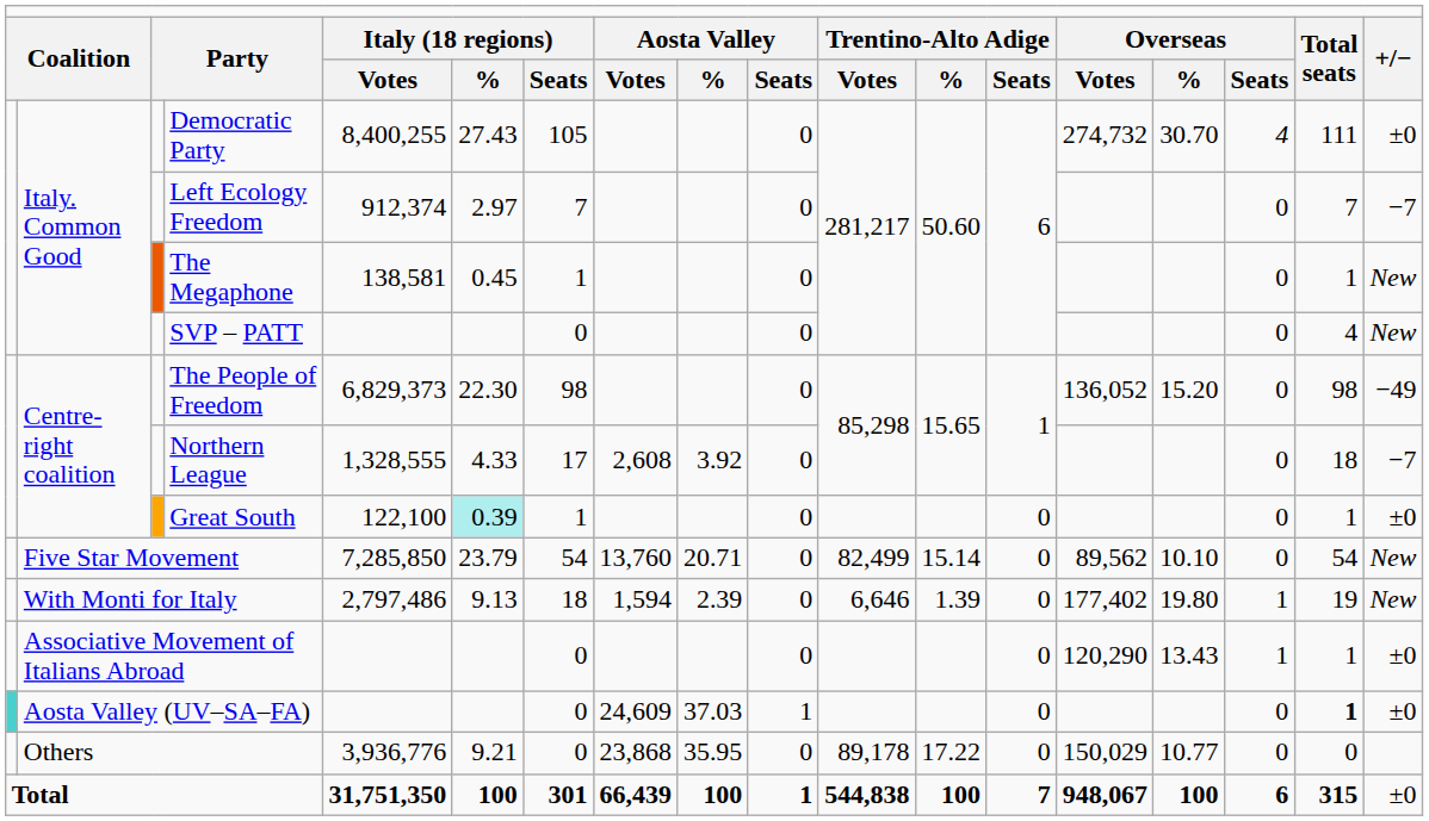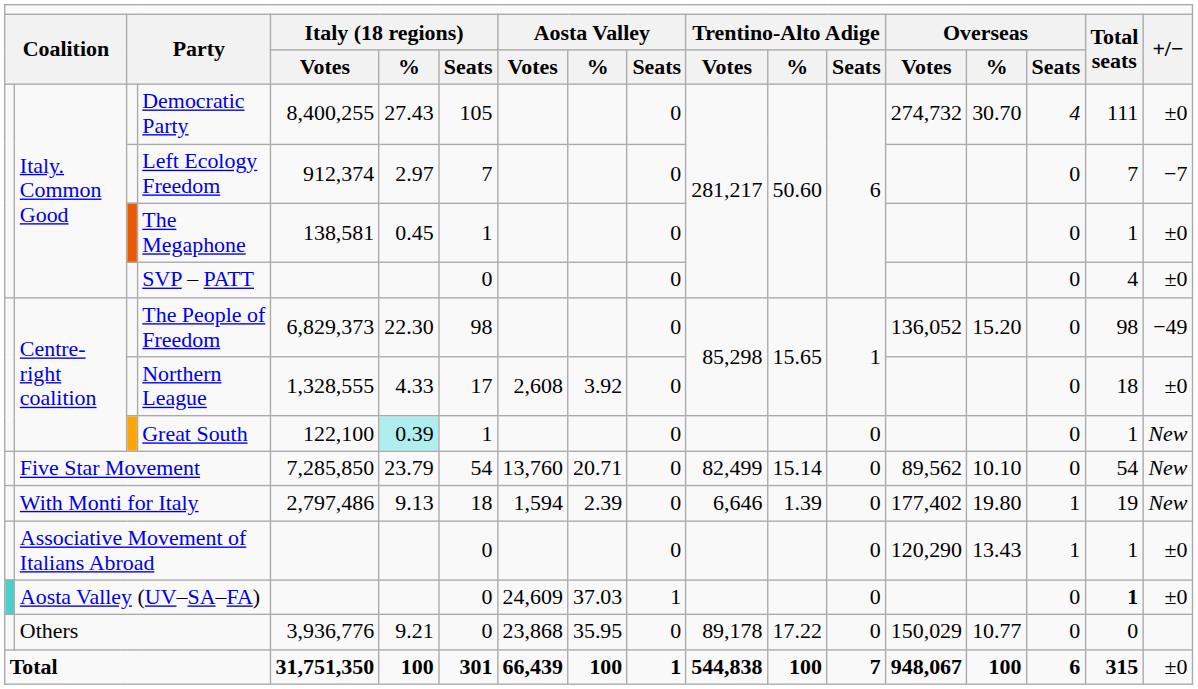 <table class="wikitable" style="text-align:right">
 <tr>
 <td colspan="18"></td>
 </tr>
 <tr>
 <th colspan="2" rowspan="2">Coalition</th>
 <th colspan=2 rowspan=2>Party</th>
 <th colspan="3"  style="text-align:center; vertical-align:top;">Italy (18 regions)</th>
 <th colspan="3"  style="text-align:center; vertical-align:top;">Aosta Valley</th>
 <th colspan="3"  style="text-align:center; vertical-align:top;">Trentino-Alto Adige</th>
 <th colspan="3"  style="text-align:center; vertical-align:top;">Overseas</th>
 <th style="text-align:center;" rowspan="2"><strong>Total<br> seats</strong></th>
 <th style="text-align:center;" rowspan="2">+/−</th>
 </tr>
 <tr>
 <th style="text-align:center; vertical-align:bottom;">Votes</th>
 <th style="text-align:center; vertical-align:bottom;">%</th>
 <th style="text-align:center; vertical-align:bottom;">Seats</th>
 <th style="text-align:center; vertical-align:bottom;">Votes</th>
 <th style="text-align:center; vertical-align:bottom;">%</th>
 <th style="text-align:center; vertical-align:bottom;">Seats</th>
 <th style="text-align:center; vertical-align:bottom;">Votes</th>
 <th style="text-align:center; vertical-align:bottom;">%</th>
 <th style="text-align:center; vertical-align:bottom;">Seats</th>
 <th style="text-align:center; vertical-align:bottom;">Votes</th>
 <th style="text-align:center; vertical-align:bottom;">%</th>
 <th style="text-align:center; vertical-align:bottom;">Seats</th>
 </tr>
 <tr>
 <td rowspan="4"></td>
 <td style="text-align:left;" rowspan="4"><a href='#'>Italy. Common Good</a></td>
 <td></td>
 <td align=left><a href='#'>Democratic Party</a></td>
 <td>8,400,255</td>
 <td>27.43</td>
 <td>105</td>
 <td></td>
 <td></td>
 <td>0</td>
 <td rowspan="4">281,217</td>
 <td rowspan="4">50.60</td>
 <td rowspan="4">6</td>
 <td>274,732</td>
 <td>30.70</td>
 <td><em>4</em></td>
 <td>111</td>
 <td><span>±0</span></td>
 </tr>
 <tr>
 <td></td>
 <td align=left><a href='#'>Left Ecology Freedom</a></td>
 <td>912,374</td>
 <td>2.97</td>
 <td>7</td>
 <td></td>
 <td></td>
 <td>0</td>
 <td></td>
 <td></td>
 <td>0</td>
 <td>7</td>
 <td><span>−7</span></td>
 </tr>
 <tr>
 <td style="background:#ec5800;"></td>
 <td align=left><a href='#'>The Megaphone</a></td>
 <td>138,581</td>
 <td>0.45</td>
 <td>1</td>
 <td></td>
 <td></td>
 <td>0</td>
 <td></td>
 <td></td>
 <td>0</td>
 <td>1</td>
-<td><em>New</em></td>
+<td><span>±0</span></td>
 </tr>
 <tr>
 <td style="background:"></td>
 <td align=left><a href='#'>SVP</a> – <a href='#'>PATT</a></td>
 <td></td>
 <td></td>
 <td>0</td>
 <td></td>
 <td></td>
 <td>0</td>
 <td></td>
 <td></td>
 <td>0</td>
 <td>4</td>
-<td><em>New</em></td>
+<td><span>±0</span></td>
 </tr>
 <tr>
 <td rowspan="3"></td>
 <td style="text-align:left;" rowspan="3"><a href='#'>Centre-right coalition</a></td>
 <td></td>
 <td align=left><a href='#'>The People of Freedom</a></td>
 <td>6,829,373</td>
 <td>22.30</td>
 <td>98</td>
 <td></td>
 <td></td>
 <td>0</td>
 <td rowspan="2">85,298</td>
 <td rowspan="2">15.65</td>
 <td rowspan="2">1</td>
 <td>136,052</td>
 <td>15.20</td>
 <td>0</td>
 <td>98</td>
 <td><span>−49</span></td>
 </tr>
 <tr>
 <td></td>
 <td align=left><a href='#'>Northern League</a></td>
 <td>1,328,555</td>
 <td>4.33</td>
 <td>17</td>
 <td>2,608</td>
 <td>3.92</td>
 <td>0</td>
 <td></td>
 <td></td>
 <td>0</td>
 <td>18</td>
-<td><span>−7</span></td>
+<td><span>±0</span></td>
 </tr>
 <tr>
 <td style="background:orange;"></td>
 <td align=left><a href='#'>Great South</a></td>
 <td>122,100</td>
 <td style="background: paleturquoise;">0.39</td>
 <td>1</td>
 <td></td>
 <td></td>
 <td>0</td>
 <td></td>
 <td></td>
 <td>0</td>
 <td></td>
 <td></td>
 <td>0</td>
 <td>1</td>
-<td><span>±0</span></td>
+<td><em>New</em></td>
 </tr>
 <tr>
 <td></td>
 <td colspan="3" style="text-align:left;"><a href='#'>Five Star Movement</a></td>
 <td>7,285,850</td>
 <td>23.79</td>
 <td>54</td>
 <td>13,760</td>
 <td>20.71</td>
 <td>0</td>
 <td>82,499</td>
 <td>15.14</td>
 <td>0</td>
 <td>89,562</td>
 <td>10.10</td>
 <td>0</td>
 <td>54</td>
 <td><em>New</em></td>
 </tr>
 <tr>
 <td></td>
 <td colspan="3" style="text-align:left;"><a href='#'>With Monti for Italy</a></td>
 <td>2,797,486</td>
 <td>9.13</td>
 <td>18</td>
 <td>1,594</td>
 <td>2.39</td>
 <td>0</td>
 <td>6,646</td>
 <td>1.39</td>
 <td>0</td>
 <td>177,402</td>
 <td>19.80</td>
 <td>1</td>
 <td>19</td>
 <td><em>New</em></td>
 </tr>
 <tr>
 <td></td>
 <td colspan="3" style="text-align:left;"><a href='#'>Associative Movement of Italians Abroad</a></td>
 <td></td>
 <td></td>
 <td>0</td>
 <td></td>
 <td></td>
 <td>0</td>
 <td></td>
 <td></td>
 <td>0</td>
 <td>120,290</td>
 <td>13.43</td>
 <td>1</td>
 <td>1</td>
 <td><span>±0</span></td>
 </tr>
 <tr>
 <td style="background:#48d1cc;"></td>
 <td colspan="3" style="text-align:left;"><a href='#'>Aosta Valley</a> (<a href='#'>UV</a>–<a href='#'>SA</a>–<a href='#'>FA</a>)</td>
 <td></td>
 <td></td>
 <td>0</td>
 <td>24,609</td>
 <td>37.03</td>
 <td>1</td>
 <td></td>
 <td></td>
 <td>0</td>
 <td></td>
 <td></td>
 <td>0</td>
 <td><strong>1</strong></td>
 <td><span>±0</span></td>
 </tr>
 <tr>
 <td></td>
 <td colspan="3" align=left>Others</td>
 <td>3,936,776</td>
 <td>9.21</td>
 <td>0</td>
 <td>23,868</td>
 <td>35.95</td>
 <td>0</td>
 <td>89,178</td>
 <td>17.22</td>
 <td>0</td>
 <td>150,029</td>
 <td>10.77</td>
 <td>0</td>
 <td>0</td>
 <td></td>
 </tr>
 <tr>
 <td colspan=4 align=left><strong>Total</strong></td>
 <td><strong>31,751,350</strong></td>
 <td><strong>100</strong></td>
 <td><strong>301</strong></td>
 <td><strong>66,439</strong></td>
 <td><strong>100</strong></td>
 <td><strong>1</strong></td>
 <td><strong>544,838</strong></td>
 <td><strong>100</strong></td>
 <td><strong>7</strong></td>
 <td><strong>948,067</strong></td>
 <td><strong>100</strong></td>
 <td><strong>6</strong></td>
 <td><strong>315</strong></td>
 <td><span>±0</span></td>
 </tr>
 </table>
